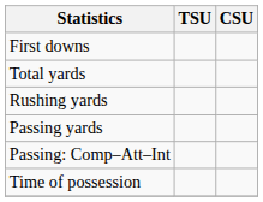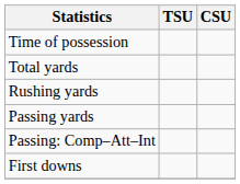 <table class="wikitable" style="float: left;">
 <tr>
 <th>Statistics</th>
 <th>TSU</th>
 <th>CSU</th>
 </tr>
 <tr>
-<td>First downs</td>
+<td>Time of possession</td>
 <td></td>
 <td></td>
 </tr>
 <tr>
 <td>Total yards</td>
 <td></td>
 <td></td>
 </tr>
 <tr>
 <td>Rushing yards</td>
 <td></td>
 <td></td>
 </tr>
 <tr>
 <td>Passing yards</td>
 <td></td>
 <td></td>
 </tr>
 <tr>
 <td>Passing: Comp–Att–Int</td>
 <td></td>
 <td></td>
 </tr>
 <tr>
-<td>Time of possession</td>
+<td>First downs</td>
 <td></td>
 <td></td>
 </tr>
 <tr>
 </tr>
 </table>
